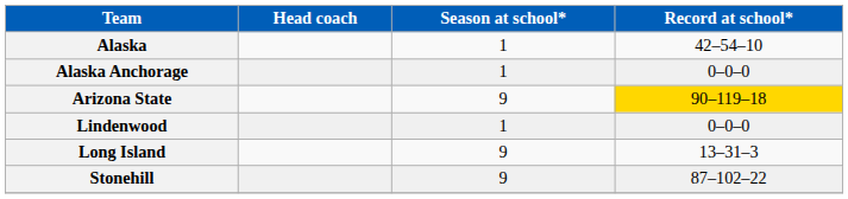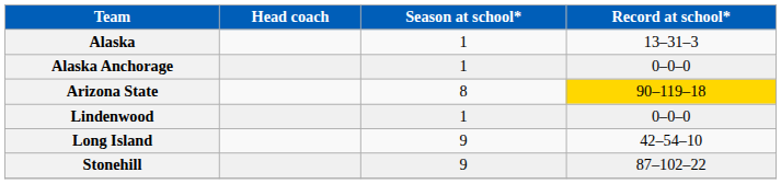 <table class="wikitable sortable" style="text-align: center; "width=50%">
 <tr>
 <th style="color:white; background:#005EB8">Team</th>
 <th style="color:white; background:#005EB8">Head coach</th>
 <th style="color:white; background:#005EB8">Season at school*</th>
 <th style="color:white; background:#005EB8">Record at school*</th>
 </tr>
 <tr>
 <th>Alaska</th>
 <td></td>
 <td>1</td>
-<td>42–54–10</td>
+<td>13–31–3</td>
 </tr>
 <tr bgcolor=f0f0f0>
 <th>Alaska Anchorage</th>
 <td></td>
 <td>1</td>
 <td>0–0–0</td>
 </tr>
 <tr>
 <th>Arizona State</th>
 <td></td>
-<td>9</td>
+<td>8</td>
 <td style="background: gold;">90–119–18</td>
 </tr>
 <tr bgcolor=f0f0f0>
 <th>Lindenwood</th>
 <td></td>
 <td>1</td>
 <td>0–0–0</td>
 </tr>
 <tr>
 <th>Long Island</th>
 <td></td>
 <td>9</td>
-<td>13–31–3</td>
+<td>42–54–10</td>
 </tr>
 <tr bgcolor=f0f0f0>
 <th>Stonehill</th>
 <td></td>
 <td>9</td>
 <td>87–102–22</td>
 </tr>
 <tr>
 </tr>
 </table>
